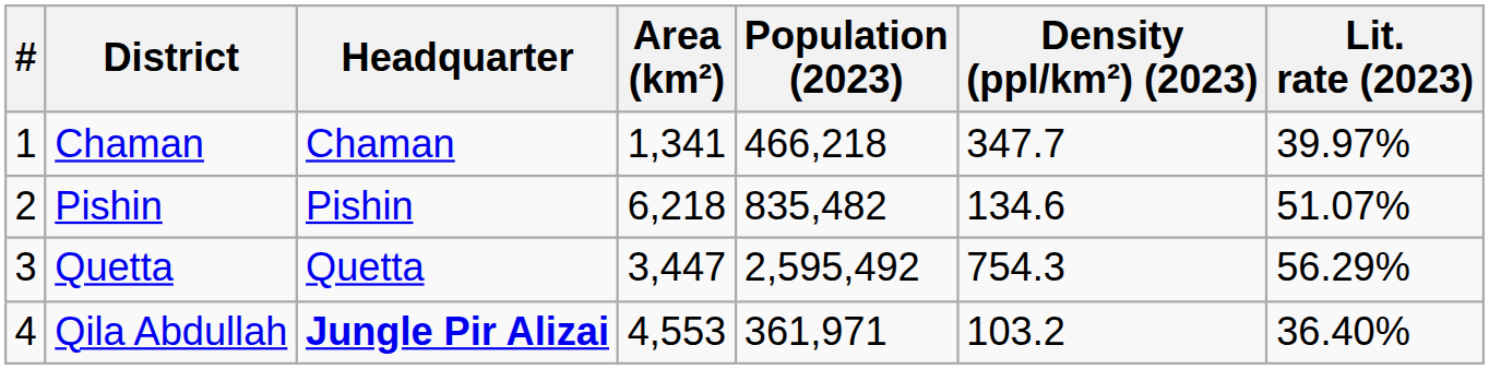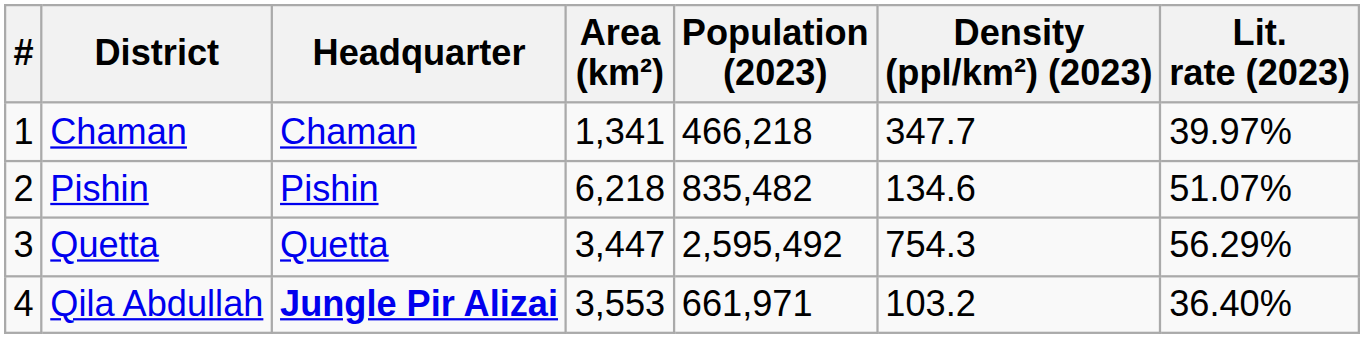 <table class="wikitable sortable">
 <tr>
 <th>#</th>
 <th>District</th>
 <th>Headquarter</th>
 <th>Area<br>(km²)</th>
 <th>Population<br>(2023)</th>
 <th>Density<br>(ppl/km²) (2023)</th>
 <th>Lit.<br>rate (2023)</th>
 </tr>
 <tr>
 <td>1</td>
 <td><a href='#'>Chaman</a></td>
 <td><a href='#'>Chaman</a></td>
 <td>1,341</td>
 <td>466,218</td>
 <td>347.7</td>
 <td>39.97%</td>
 </tr>
 <tr>
 <td>2</td>
 <td><a href='#'>Pishin</a></td>
 <td><a href='#'>Pishin</a></td>
 <td>6,218</td>
 <td>835,482</td>
 <td>134.6</td>
 <td>51.07%</td>
 </tr>
 <tr>
 <td>3</td>
 <td><a href='#'>Quetta</a></td>
 <td><a href='#'>Quetta</a></td>
 <td>3,447</td>
 <td>2,595,492</td>
 <td>754.3</td>
 <td>56.29%</td>
 </tr>
 <tr>
 <td>4</td>
 <td><a href='#'>Qila Abdullah</a></td>
 <td><strong><a href='#'>Jungle Pir Alizai</a></strong></td>
-<td>4,553</td>
-<td>361,971</td>
+<td>3,553</td>
+<td>661,971</td>
 <td>103.2</td>
 <td>36.40%</td>
 </tr>
 </table>
